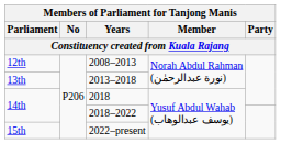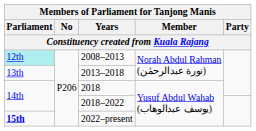 <table class=wikitable>
 <tr>
 <th colspan="5">Members of Parliament for Tanjong Manis</th>
 </tr>
 <tr>
 <th>Parliament</th>
 <th>No</th>
 <th>Years</th>
 <th>Member</th>
 <th>Party</th>
 </tr>
 <tr>
 <th colspan="5" align="center"><em>Constituency created from <a href='#'>Kuala Rajang</a></em></th>
 </tr>
 <tr>
-<td><a href='#'>12th</a></td>
+<td style="background: paleturquoise;"><a href='#'>12th</a></td>
 <td rowspan="5">P206</td>
 <td>2008–2013</td>
 <td rowspan="2"><a href='#'>Norah Abdul Rahman</a><br>(نورة عبدالرحمٰن)</td>
 <td rowspan="3"></td>
 </tr>
 <tr>
 <td><a href='#'>13th</a></td>
 <td>2013–2018</td>
 </tr>
 <tr>
 <td rowspan=2><a href='#'>14th</a></td>
 <td>2018</td>
 <td rowspan="3"><a href='#'>Yusuf Abdul Wahab</a><br>(يوسف عبدالوهاب)</td>
 </tr>
 <tr>
 <td>2018–2022</td>
 <td rowspan="2"></td>
 </tr>
 <tr>
-<td><a href='#'>15th</a></td>
+<td><strong><a href='#'>15th</a></strong></td>
 <td>2022–present</td>
 </tr>
 </table>
